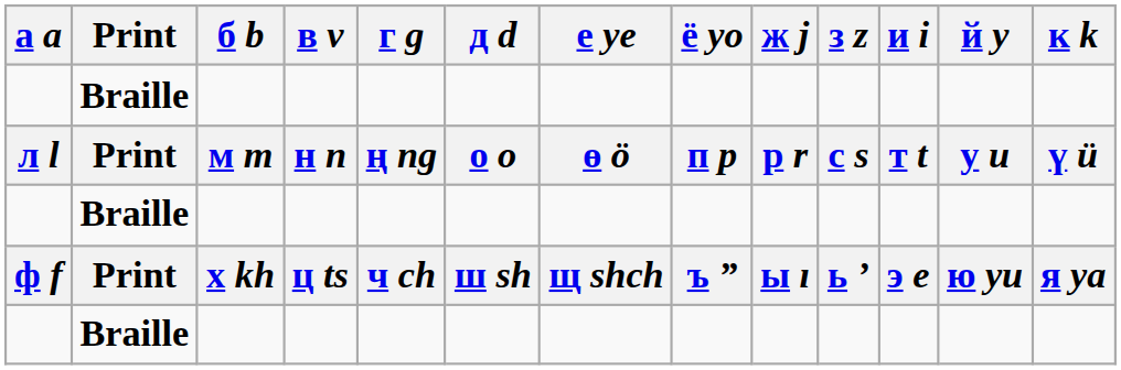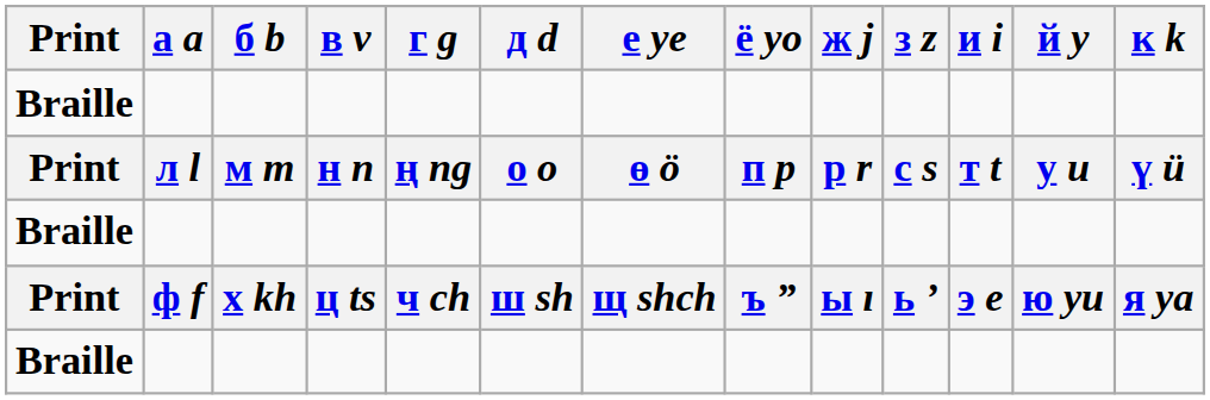 <table class="wikitable" style="text-align:center">
 <tr>
+<th><strong>Print</strong></th>
 <th><a href='#'>а</a> <em>a</em></th>
-<th><strong>Print</strong></th>
 <th><a href='#'>б</a> <em>b</em></th>
 <th><a href='#'>в</a> <em>v</em></th>
 <th><a href='#'>г</a> <em>g</em></th>
 <th><a href='#'>д</a> <em>d</em></th>
 <th><a href='#'>е</a> <em>ye</em></th>
 <th><a href='#'>ё</a> <em>yo</em></th>
 <th><a href='#'>ж</a> <em>j</em></th>
 <th><a href='#'>з</a> <em>z</em></th>
 <th><a href='#'>и</a> <em>i</em></th>
 <th><a href='#'>й</a> <em>y</em></th>
 <th><a href='#'>к</a> <em>k</em></th>
 </tr>
 <tr>
+<td><strong>Braille</strong></td>
 <td></td>
-<td><strong>Braille</strong></td>
 <td></td>
 <td></td>
 <td></td>
 <td></td>
 <td></td>
 <td></td>
 <td></td>
 <td></td>
 <td></td>
 <td></td>
 <td></td>
 </tr>
 <tr>
+<th><strong>Print</strong></th>
 <th><a href='#'>л</a> <em>l</em></th>
-<th><strong>Print</strong></th>
 <th><a href='#'>м</a> <em>m</em></th>
 <th><a href='#'>н</a> <em>n</em></th>
 <th><a href='#'>ң</a> <em>ng</em></th>
 <th><a href='#'>о</a> <em>o</em></th>
 <th><a href='#'>ө</a> <em>ö</em></th>
 <th><a href='#'>п</a> <em>p</em></th>
 <th><a href='#'>р</a> <em>r</em></th>
 <th><a href='#'>с</a> <em>s</em></th>
 <th><a href='#'>т</a> <em>t</em></th>
 <th><a href='#'>у</a> <em>u</em></th>
 <th><a href='#'>ү</a> <em>ü</em></th>
 </tr>
 <tr>
+<td><strong>Braille</strong></td>
 <td></td>
-<td><strong>Braille</strong></td>
 <td></td>
 <td></td>
 <td></td>
 <td></td>
 <td></td>
 <td></td>
 <td></td>
 <td></td>
 <td></td>
 <td></td>
 <td></td>
 </tr>
 <tr>
+<th><strong>Print</strong></th>
 <th><a href='#'>ф</a> <em>f</em></th>
-<th><strong>Print</strong></th>
 <th><a href='#'>х</a> <em>kh</em></th>
 <th><a href='#'>ц</a> <em>ts</em></th>
 <th><a href='#'>ч</a> <em>ch</em></th>
 <th><a href='#'>ш</a> <em>sh</em></th>
 <th><a href='#'>щ</a> <em>shch</em></th>
 <th><a href='#'>ъ</a> <em>”</em></th>
 <th><a href='#'>ы</a> <em>ı</em></th>
 <th><a href='#'>ь</a> <em>’</em></th>
 <th><a href='#'>э</a> <em>e</em></th>
 <th><a href='#'>ю</a> <em>yu</em></th>
 <th><a href='#'>я</a> <em>ya</em></th>
 </tr>
 <tr>
+<td><strong>Braille</strong></td>
 <td></td>
-<td><strong>Braille</strong></td>
 <td></td>
 <td></td>
 <td></td>
 <td></td>
 <td></td>
 <td></td>
 <td></td>
 <td></td>
 <td></td>
 <td></td>
 <td></td>
 </tr>
 </table>
